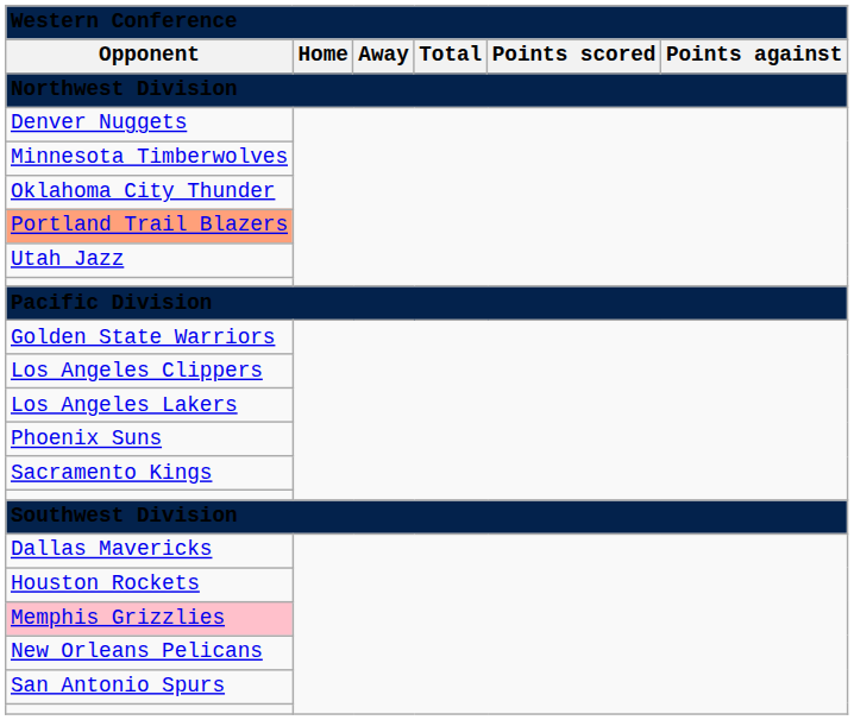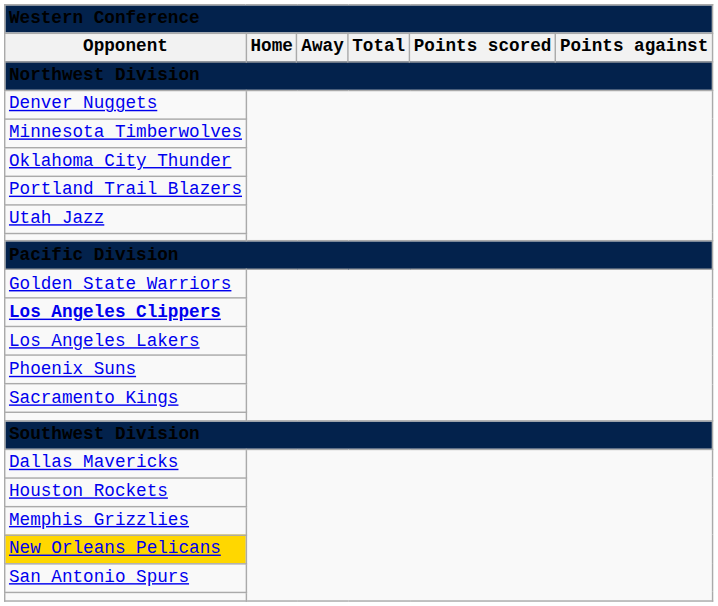 <table class="wikitable" style="font-size: 95%; text-align: center">
 <tr>
 <td colspan="6" style="text-align:left; background:#03224c"><span> <strong>Western Conference</strong> </span></td>
 </tr>
 <tr>
 <th>Opponent</th>
 <th>Home</th>
 <th>Away</th>
 <th>Total</th>
 <th>Points scored</th>
 <th>Points against</th>
 </tr>
 <tr>
 <td colspan="6" style="text-align:left; background:#03224c"><span> <strong>Northwest Division</strong> </span></td>
 </tr>
 <tr>
 <td style="text-align:left"><a href='#'>Denver Nuggets</a></td>
 </tr>
 <tr>
 <td style="text-align:left"><a href='#'>Minnesota Timberwolves</a></td>
 </tr>
 <tr>
 <td style="text-align:left"><a href='#'>Oklahoma City Thunder</a></td>
 </tr>
 <tr>
-<td style="background: lightsalmon; text-align:left"><a href='#'>Portland Trail Blazers</a></td>
+<td style="text-align:left"><a href='#'>Portland Trail Blazers</a></td>
 </tr>
 <tr>
 <td style="text-align:left"><a href='#'>Utah Jazz</a></td>
 </tr>
 <tr style="font-weight:bold">
 <td></td>
 </tr>
 <tr>
 <td colspan="6" style="text-align:left; background:#03224c"><span> <strong>Pacific Division</strong> </span></td>
 </tr>
 <tr>
 <td style="text-align:left"><a href='#'>Golden State Warriors</a></td>
 </tr>
 <tr>
-<td style="text-align:left"><a href='#'>Los Angeles Clippers</a></td>
+<td style="text-align:left"><strong><a href='#'>Los Angeles Clippers</a></strong></td>
 </tr>
 <tr>
 <td style="text-align:left"><a href='#'>Los Angeles Lakers</a></td>
 </tr>
 <tr>
 <td style="text-align:left"><a href='#'>Phoenix Suns</a></td>
 </tr>
 <tr>
 <td style="text-align:left"><a href='#'>Sacramento Kings</a></td>
 </tr>
 <tr style="font-weight:bold">
 <td></td>
 </tr>
 <tr>
 <td colspan="6" style="text-align:left; background:#03224c"><span> <strong>Southwest Division</strong></span></td>
 </tr>
 <tr>
 <td style="text-align:left"><a href='#'>Dallas Mavericks</a></td>
 </tr>
 <tr>
 <td style="text-align:left"><a href='#'>Houston Rockets</a></td>
 </tr>
 <tr>
-<td style="background: pink; text-align:left"><a href='#'>Memphis Grizzlies</a></td>
+<td style="text-align:left"><a href='#'>Memphis Grizzlies</a></td>
 </tr>
 <tr>
-<td style="text-align:left"><a href='#'>New Orleans Pelicans</a></td>
+<td style="background: gold; text-align:left"><a href='#'>New Orleans Pelicans</a></td>
 </tr>
 <tr>
 <td style="text-align:left"><a href='#'>San Antonio Spurs</a></td>
 </tr>
 <tr style="font-weight:bold">
 <td></td>
 </tr>
 </table>
